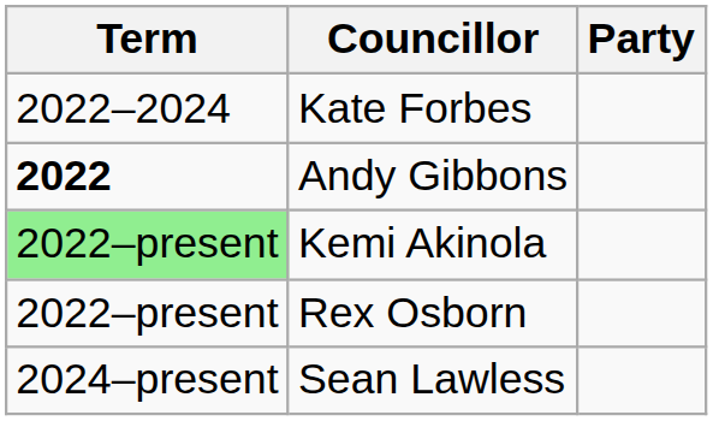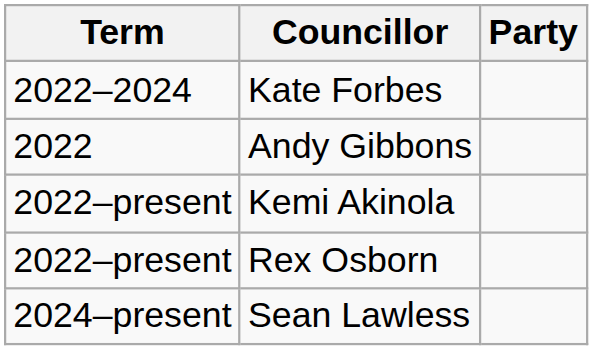 <table class="wikitable">
 <tr>
 <th>Term</th>
 <th>Councillor</th>
 <th colspan=2>Party</th>
 </tr>
 <tr>
 <td>2022–2024</td>
 <td>Kate Forbes</td>
 <td></td>
 </tr>
 <tr>
-<td><strong>2022</strong></td>
+<td>2022</td>
 <td>Andy Gibbons</td>
 <td></td>
 </tr>
 <tr>
-<td style="background: lightgreen;">2022–present</td>
+<td>2022–present</td>
 <td>Kemi Akinola</td>
 <td></td>
 </tr>
 <tr>
 <td>2022–present</td>
 <td>Rex Osborn</td>
 <td></td>
 </tr>
 <tr>
 <td>2024–present</td>
 <td>Sean Lawless</td>
 <td></td>
 </tr>
 </table>
